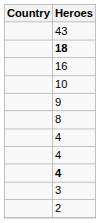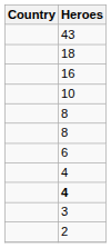 <table class="wikitable">
 <tr>
 <th>Country</th>
 <th>Heroes</th>
 </tr>
 <tr>
 <td></td>
 <td>43</td>
 </tr>
 <tr>
 <td></td>
-<td><strong>18</strong></td>
+<td>18</td>
 </tr>
 <tr>
 <td></td>
 <td>16</td>
 </tr>
 <tr>
 <td></td>
 <td>10</td>
 </tr>
 <tr>
 <td></td>
-<td>9</td>
+<td>8</td>
 </tr>
 <tr>
 <td></td>
 <td>8</td>
 </tr>
 <tr>
 <td></td>
-<td>4</td>
+<td>6</td>
 </tr>
 <tr>
 <td></td>
 <td>4</td>
 </tr>
 <tr>
 <td></td>
 <td><strong>4</strong></td>
 </tr>
 <tr>
 <td></td>
 <td>3</td>
 </tr>
 <tr>
 <td></td>
 <td>2</td>
 </tr>
 <tr>
 </tr>
 </table>
